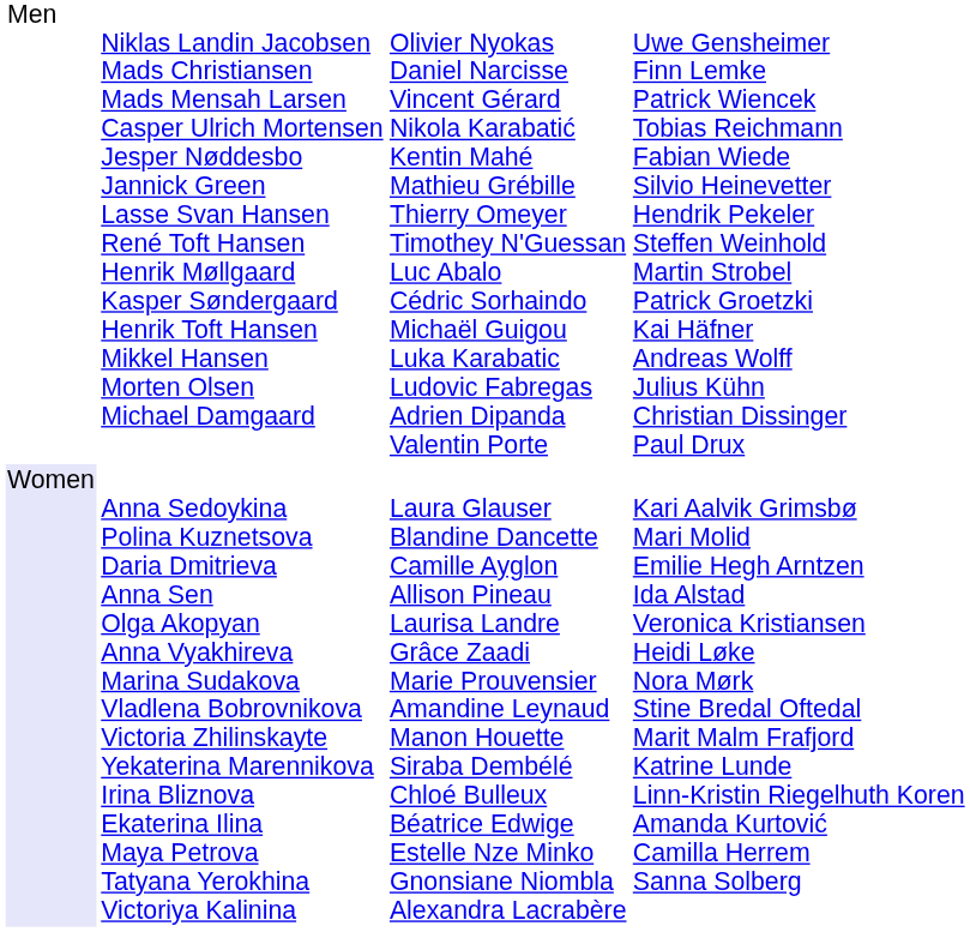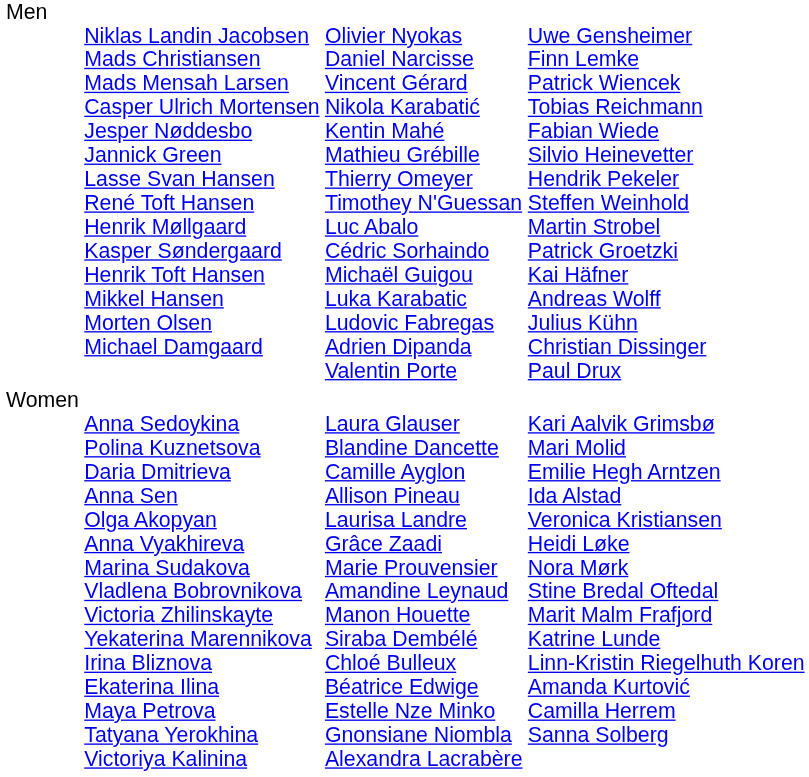 <table>
 <tr valign="top">
 <td>Men<br></td>
 <td><br><a href='#'>Niklas Landin Jacobsen</a><br><a href='#'>Mads Christiansen</a><br><a href='#'>Mads Mensah Larsen</a><br><a href='#'>Casper Ulrich Mortensen</a><br><a href='#'>Jesper Nøddesbo</a><br><a href='#'>Jannick Green</a><br><a href='#'>Lasse Svan Hansen</a><br><a href='#'>René Toft Hansen</a><br><a href='#'>Henrik Møllgaard</a><br><a href='#'>Kasper Søndergaard</a><br><a href='#'>Henrik Toft Hansen</a><br><a href='#'>Mikkel Hansen</a><br><a href='#'>Morten Olsen</a><br><a href='#'>Michael Damgaard</a></td>
 <td><br><a href='#'>Olivier Nyokas</a><br><a href='#'>Daniel Narcisse</a><br><a href='#'>Vincent Gérard</a><br><a href='#'>Nikola Karabatić</a><br><a href='#'>Kentin Mahé</a><br><a href='#'>Mathieu Grébille</a><br><a href='#'>Thierry Omeyer</a><br><a href='#'>Timothey N'Guessan</a><br><a href='#'>Luc Abalo</a><br><a href='#'>Cédric Sorhaindo</a><br><a href='#'>Michaël Guigou</a><br><a href='#'>Luka Karabatic</a><br><a href='#'>Ludovic Fabregas</a><br><a href='#'>Adrien Dipanda</a><br><a href='#'>Valentin Porte</a></td>
 <td><br><a href='#'>Uwe Gensheimer</a><br><a href='#'>Finn Lemke</a><br><a href='#'>Patrick Wiencek</a><br><a href='#'>Tobias Reichmann</a><br><a href='#'>Fabian Wiede</a><br><a href='#'>Silvio Heinevetter</a><br><a href='#'>Hendrik Pekeler</a><br><a href='#'>Steffen Weinhold</a><br><a href='#'>Martin Strobel</a><br><a href='#'>Patrick Groetzki</a><br><a href='#'>Kai Häfner</a><br><a href='#'>Andreas Wolff</a><br><a href='#'>Julius Kühn</a><br><a href='#'>Christian Dissinger</a><br><a href='#'>Paul Drux</a></td>
 </tr>
 <tr valign="top">
-<td style="background: lavender;">Women<br></td>
+<td>Women<br></td>
 <td><br><a href='#'>Anna Sedoykina</a><br><a href='#'>Polina Kuznetsova</a><br><a href='#'>Daria Dmitrieva</a><br><a href='#'>Anna Sen</a><br><a href='#'>Olga Akopyan</a><br><a href='#'>Anna Vyakhireva</a><br><a href='#'>Marina Sudakova</a><br><a href='#'>Vladlena Bobrovnikova</a><br><a href='#'>Victoria Zhilinskayte</a><br><a href='#'>Yekaterina Marennikova</a><br><a href='#'>Irina Bliznova</a><br><a href='#'>Ekaterina Ilina</a><br><a href='#'>Maya Petrova</a><br><a href='#'>Tatyana Yerokhina</a><br><a href='#'>Victoriya Kalinina</a></td>
 <td><br><a href='#'>Laura Glauser</a><br><a href='#'>Blandine Dancette</a><br><a href='#'>Camille Ayglon</a><br><a href='#'>Allison Pineau</a><br><a href='#'>Laurisa Landre</a><br><a href='#'>Grâce Zaadi</a><br><a href='#'>Marie Prouvensier</a><br><a href='#'>Amandine Leynaud</a><br><a href='#'>Manon Houette</a><br><a href='#'>Siraba Dembélé</a><br><a href='#'>Chloé Bulleux</a><br><a href='#'>Béatrice Edwige</a><br><a href='#'>Estelle Nze Minko</a><br><a href='#'>Gnonsiane Niombla</a><br><a href='#'>Alexandra Lacrabère</a></td>
 <td><br><a href='#'>Kari Aalvik Grimsbø</a><br><a href='#'>Mari Molid</a><br><a href='#'>Emilie Hegh Arntzen</a><br><a href='#'>Ida Alstad</a><br><a href='#'>Veronica Kristiansen</a><br><a href='#'>Heidi Løke</a><br><a href='#'>Nora Mørk</a><br><a href='#'>Stine Bredal Oftedal</a><br><a href='#'>Marit Malm Frafjord</a><br><a href='#'>Katrine Lunde</a><br><a href='#'>Linn-Kristin Riegelhuth Koren</a><br><a href='#'>Amanda Kurtović</a><br><a href='#'>Camilla Herrem</a><br><a href='#'>Sanna Solberg</a></td>
 </tr>
 </table>
